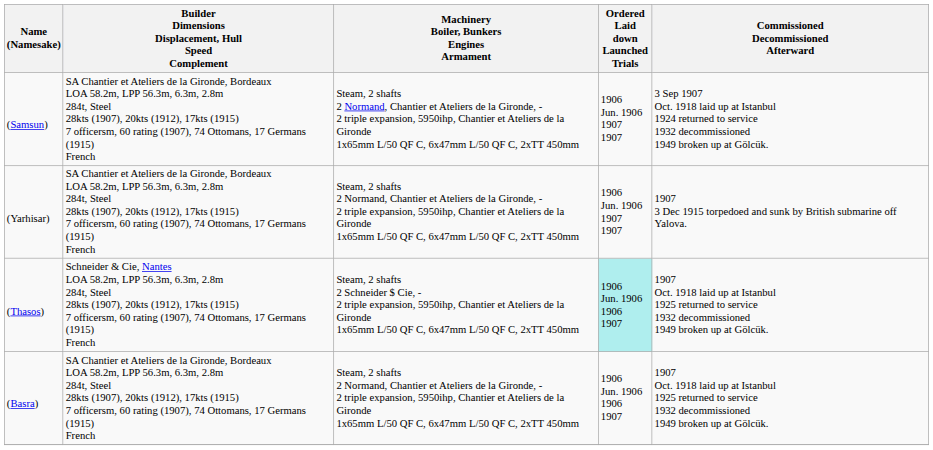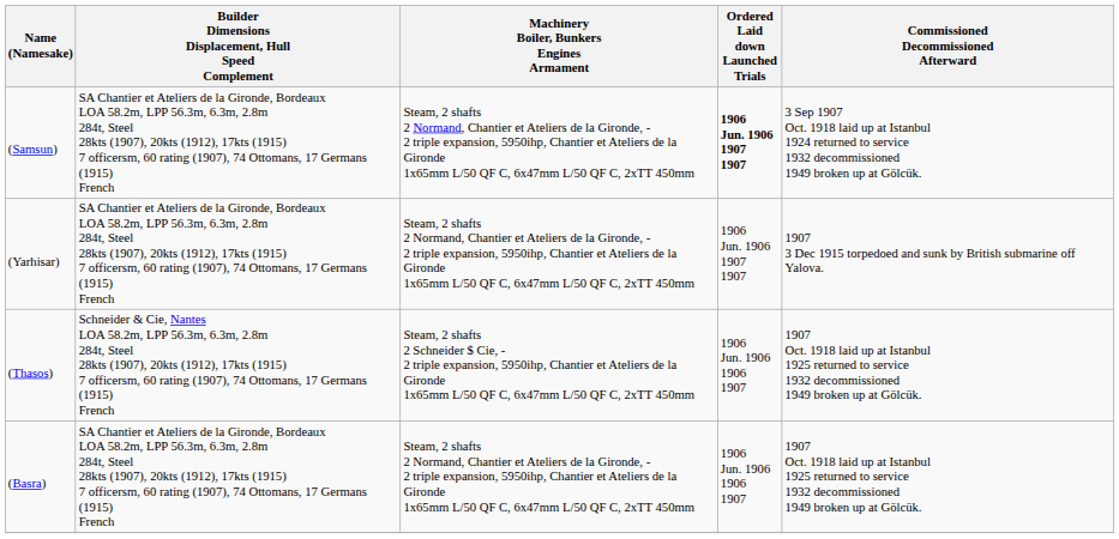 <table class="wikitable" style="font-size:90%;">
 <tr bgcolor="#e6e9ff">
 <th>Name<br>(Namesake)</th>
 <th>Builder<br>Dimensions<br>Displacement, Hull<br>Speed<br>Complement</th>
 <th>Machinery<br>Boiler, Bunkers<br>Engines<br>Armament</th>
 <th>Ordered<br>Laid down<br>Launched<br>Trials</th>
 <th>Commissioned<br>Decommissioned<br>Afterward</th>
 </tr>
 <tr ---->
 <td><br>(<a href='#'>Samsun</a>)</td>
 <td> SA Chantier et Ateliers de la Gironde, Bordeaux<br>LOA 58.2m, LPP 56.3m, 6.3m, 2.8m<br>284t, Steel<br>28kts (1907), 20kts (1912), 17kts (1915)<br>7 officersm, 60 rating (1907), 74 Ottomans, 17 Germans (1915)<br>French </td>
 <td>Steam, 2 shafts<br>2 <a href='#'>Normand</a>, Chantier et Ateliers de la Gironde, -<br>2 triple expansion, 5950ihp, Chantier et Ateliers de la Gironde<br>1x65mm L/50 QF C, 6x47mm L/50 QF C, 2xTT 450mm</td>
-<td>1906<br>Jun. 1906<br>1907<br>1907</td>
+<td><strong>1906<br>Jun. 1906<br>1907<br>1907</strong></td>
 <td>3 Sep 1907<br>Oct. 1918 laid up at Istanbul<br>1924 returned to service<br>1932 decommissioned<br>1949 broken up at Gölcük.</td>
 </tr>
 <tr ---->
 <td><br>(Yarhisar)</td>
 <td> SA Chantier et Ateliers de la Gironde, Bordeaux<br>LOA 58.2m, LPP 56.3m, 6.3m, 2.8m<br>284t, Steel<br>28kts (1907), 20kts (1912), 17kts (1915)<br>7 officersm, 60 rating (1907), 74 Ottomans, 17 Germans (1915)<br>French </td>
 <td>Steam, 2 shafts<br>2 Normand, Chantier et Ateliers de la Gironde, -<br>2 triple expansion, 5950ihp, Chantier et Ateliers de la Gironde<br>1x65mm L/50 QF C, 6x47mm L/50 QF C, 2xTT 450mm</td>
 <td>1906<br>Jun. 1906<br>1907<br>1907</td>
 <td>1907<br>3 Dec 1915 torpedoed and sunk by British submarine  off Yalova.</td>
 </tr>
 <tr ---->
 <td><br>(<a href='#'>Thasos</a>)</td>
 <td> Schneider & Cie, <a href='#'>Nantes</a><br>LOA 58.2m, LPP 56.3m, 6.3m, 2.8m<br>284t, Steel<br>28kts (1907), 20kts (1912), 17kts (1915)<br>7 officersm, 60 rating (1907), 74 Ottomans, 17 Germans (1915)<br>French </td>
 <td>Steam, 2 shafts<br>2 Schneider $ Cie, -<br>2 triple expansion, 5950ihp, Chantier et Ateliers de la Gironde<br>1x65mm L/50 QF C, 6x47mm L/50 QF C, 2xTT 450mm</td>
-<td style="background: paleturquoise;">1906<br>Jun. 1906<br>1906<br>1907</td>
+<td>1906<br>Jun. 1906<br>1906<br>1907</td>
 <td>1907<br>Oct. 1918 laid up at Istanbul<br>1925 returned to service<br>1932 decommissioned<br>1949 broken up at Gölcük.</td>
 </tr>
 <tr ---->
 <td><br>(<a href='#'>Basra</a>)</td>
 <td> SA Chantier et Ateliers de la Gironde, Bordeaux<br>LOA 58.2m, LPP 56.3m, 6.3m, 2.8m<br>284t, Steel<br>28kts (1907), 20kts (1912), 17kts (1915)<br>7 officersm, 60 rating (1907), 74 Ottomans, 17 Germans (1915)<br>French </td>
 <td>Steam, 2 shafts<br>2 Normand, Chantier et Ateliers de la Gironde, -<br>2 triple expansion, 5950ihp, Chantier et Ateliers de la Gironde<br>1x65mm L/50 QF C, 6x47mm L/50 QF C, 2xTT 450mm</td>
 <td>1906<br>Jun. 1906<br>1906<br>1907</td>
 <td>1907<br>Oct. 1918 laid up at Istanbul<br>1925 returned to service<br>1932 decommissioned<br>1949 broken up at Gölcük.</td>
 </tr>
 <tr ---->
 </tr>
 </table>
